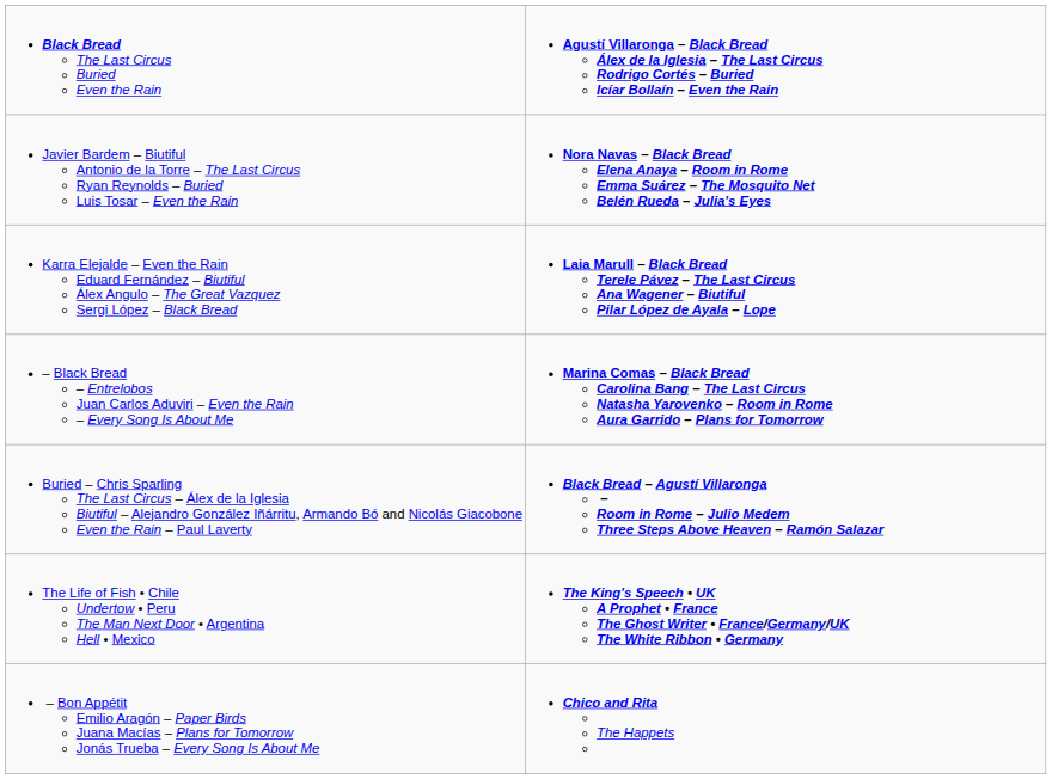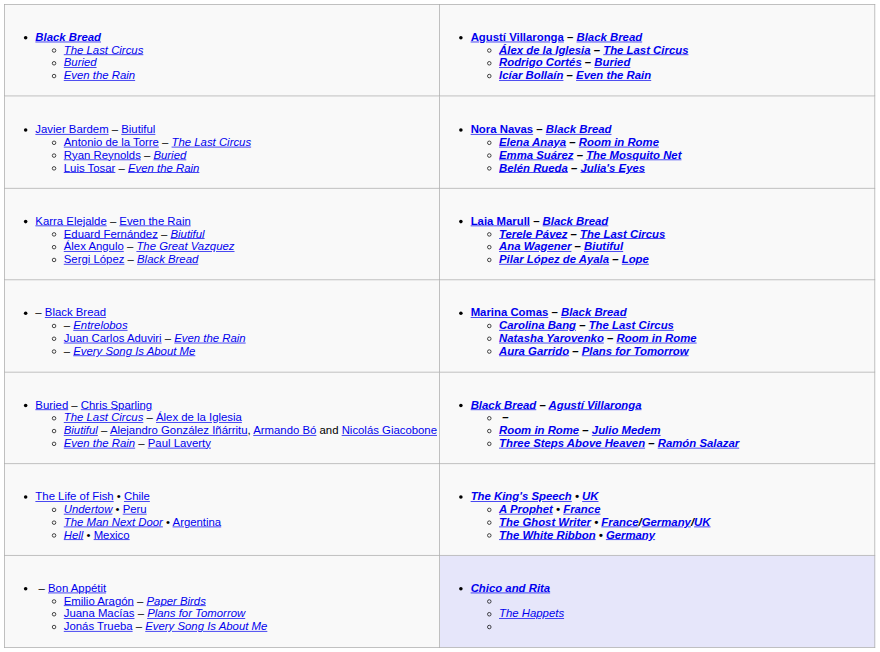 <table class=wikitable style="width="100%">
 <tr>
 <td style="vertical-align:top;" width="50%"><br><ul><li><strong><em><a href='#'>Black Bread</a></em></strong><ul><li><em><a href='#'>The Last Circus</a></em></li><li><em><a href='#'>Buried</a></em></li><li><em><a href='#'>Even the Rain</a></em></li></ul></li></ul></td>
 <td style="vertical-align:top;" width="50%"><br><ul><li><strong><a href='#'>Agustí Villaronga</a> – <em><a href='#'>Black Bread</a><strong><em><ul><li><a href='#'>Álex de la Iglesia</a> – </em><a href='#'>The Last Circus</a><em></li><li><a href='#'>Rodrigo Cortés</a> – </em><a href='#'>Buried</a><em></li><li><a href='#'>Icíar Bollaín</a> – </em><a href='#'>Even the Rain</a><em></li></ul></li></ul></td>
 </tr>
 <tr>
 <td style="vertical-align:top;" width="50%"><br><ul><li></strong><a href='#'>Javier Bardem</a> – </em><a href='#'>Biutiful</a></em></strong><ul><li><a href='#'>Antonio de la Torre</a> – <em><a href='#'>The Last Circus</a></em></li><li><a href='#'>Ryan Reynolds</a> – <em><a href='#'>Buried</a></em></li><li><a href='#'>Luis Tosar</a> – <em><a href='#'>Even the Rain</a></em></li></ul></li></ul></td>
 <td style="vertical-align:top;" width="50%"><br><ul><li><strong><a href='#'>Nora Navas</a> – <em><a href='#'>Black Bread</a><strong><em><ul><li><a href='#'>Elena Anaya</a> – </em><a href='#'>Room in Rome</a><em></li><li><a href='#'>Emma Suárez</a> – </em><a href='#'>The Mosquito Net</a><em></li><li><a href='#'>Belén Rueda</a> – </em><a href='#'>Julia's Eyes</a><em></li></ul></li></ul></td>
 </tr>
 <tr>
 <td style="vertical-align:top;" width="50%"><br><ul><li></strong><a href='#'>Karra Elejalde</a> – </em><a href='#'>Even the Rain</a></em></strong><ul><li><a href='#'>Eduard Fernández</a> – <em><a href='#'>Biutiful</a></em></li><li><a href='#'>Álex Angulo</a> – <em><a href='#'>The Great Vazquez</a></em></li><li><a href='#'>Sergi López</a> – <em><a href='#'>Black Bread</a></em></li></ul></li></ul></td>
 <td style="vertical-align:top;" width="50%"><br><ul><li><strong><a href='#'>Laia Marull</a> – <em><a href='#'>Black Bread</a><strong><em><ul><li><a href='#'>Terele Pávez</a> – </em><a href='#'>The Last Circus</a><em></li><li><a href='#'>Ana Wagener</a> – </em><a href='#'>Biutiful</a><em></li><li><a href='#'>Pilar López de Ayala</a> – </em><a href='#'>Lope</a><em></li></ul></li></ul></td>
 </tr>
 <tr>
 <td style="vertical-align:top;" width="50%"><br><ul><li></strong> – </em><a href='#'>Black Bread</a></em></strong><ul><li> – <em><a href='#'>Entrelobos</a></em></li><li><a href='#'>Juan Carlos Aduviri</a> – <em><a href='#'>Even the Rain</a></em></li><li> – <em><a href='#'>Every Song Is About Me</a></em></li></ul></li></ul></td>
 <td style="vertical-align:top;" width="50%"><br><ul><li><strong><a href='#'>Marina Comas</a> – <em><a href='#'>Black Bread</a><strong><em><ul><li><a href='#'>Carolina Bang</a> – </em><a href='#'>The Last Circus</a><em></li><li><a href='#'>Natasha Yarovenko</a> – </em><a href='#'>Room in Rome</a><em></li><li><a href='#'>Aura Garrido</a> – </em><a href='#'>Plans for Tomorrow</a><em></li></ul></li></ul></td>
 </tr>
 <tr>
 <td style="vertical-align:top;" width="50%"><br><ul><li></em></strong><a href='#'>Buried</a></em> – <a href='#'>Chris Sparling</a></strong><ul><li><em><a href='#'>The Last Circus</a></em> – <a href='#'>Álex de la Iglesia</a></li><li><em><a href='#'>Biutiful</a></em> – <a href='#'>Alejandro González Iñárritu</a>, <a href='#'>Armando Bó</a> and <a href='#'>Nicolás Giacobone</a></li><li><em><a href='#'>Even the Rain</a></em> – <a href='#'>Paul Laverty</a></li></ul></li></ul></td>
 <td style="vertical-align:top;" width="50%"><br><ul><li><strong><em><a href='#'>Black Bread</a><em> – <a href='#'>Agustí Villaronga</a><strong><ul><li></em><em> – </li><li></em><a href='#'>Room in Rome</a><em> – <a href='#'>Julio Medem</a></li><li></em><a href='#'>Three Steps Above Heaven</a><em> – <a href='#'>Ramón Salazar</a></li></ul></li></ul></td>
 </tr>
 <tr>
 <td style="vertical-align:top;" width="50%"><br><ul><li></em></strong><a href='#'>The Life of Fish</a></em> • <a href='#'>Chile</a></strong><ul><li><em><a href='#'>Undertow</a></em> • <a href='#'>Peru</a></li><li><em><a href='#'>The Man Next Door</a></em> • <a href='#'>Argentina</a></li><li><em><a href='#'>Hell</a></em> • <a href='#'>Mexico</a></li></ul></li></ul></td>
 <td style="vertical-align:top;" width="50%"><br><ul><li><strong><em><a href='#'>The King's Speech</a><em> • <a href='#'>UK</a><strong><ul><li></em><a href='#'>A Prophet</a><em> • <a href='#'>France</a></li><li></em><a href='#'>The Ghost Writer</a><em> • <a href='#'>France</a>/<a href='#'>Germany</a>/<a href='#'>UK</a></li><li></em><a href='#'>The White Ribbon</a><em> • <a href='#'>Germany</a></li></ul></li></ul></td>
 </tr>
 <tr>
 <td style="vertical-align:top;" width="50%"><br><ul><li></strong> – </em><a href='#'>Bon Appétit</a></em></strong><ul><li><a href='#'>Emilio Aragón</a> – <em><a href='#'>Paper Birds</a></em></li><li><a href='#'>Juana Macías</a> – <em><a href='#'>Plans for Tomorrow</a></em></li><li><a href='#'>Jonás Trueba</a> – <em><a href='#'>Every Song Is About Me</a></em></li></ul></li></ul></td>
-<td style="vertical-align:top;" width="50%"><br><ul><li><strong><em><a href='#'>Chico and Rita</a></em></strong><ul><li><em></em></li><li><em><a href='#'>The Happets</a></em></li><li><em></em></li></ul></li></ul></td>
+<td style="background: lavender; vertical-align:top;" width="50%"><br><ul><li><strong><em><a href='#'>Chico and Rita</a></em></strong><ul><li><em></em></li><li><em><a href='#'>The Happets</a></em></li><li><em></em></li></ul></li></ul></td>
 </tr>
 </table>
